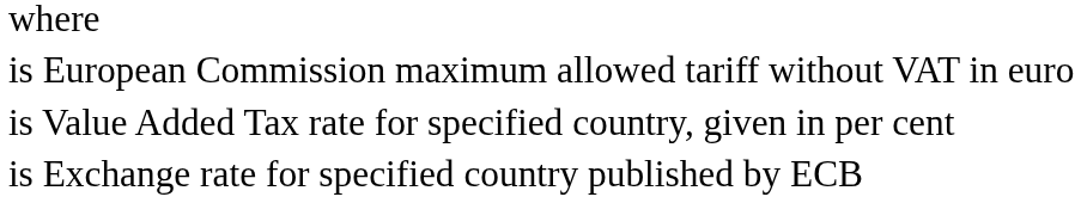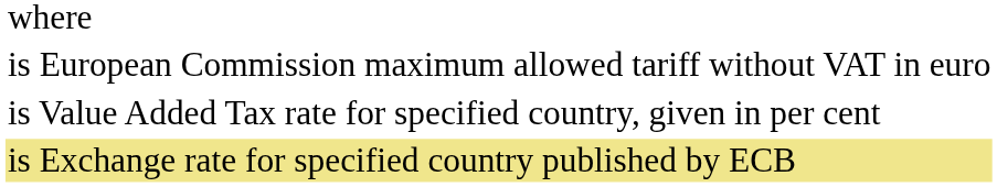 <table>
 <tr>
 <td>where</td>
 </tr>
 <tr>
 <td> is European Commission maximum allowed tariff without VAT in euro</td>
 </tr>
 <tr>
 <td> is Value Added Tax rate for specified country, given in per cent</td>
 </tr>
 <tr>
-<td> is Exchange rate for specified country published by ECB</td>
+<td style="background: khaki;"> is Exchange rate for specified country published by ECB</td>
 </tr>
 </table>
